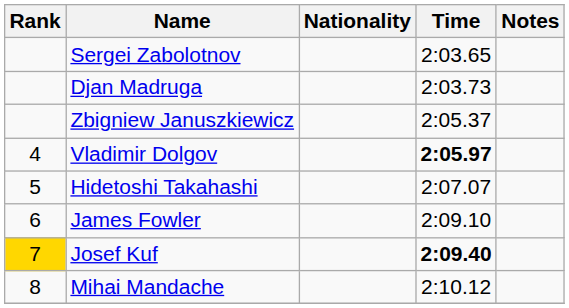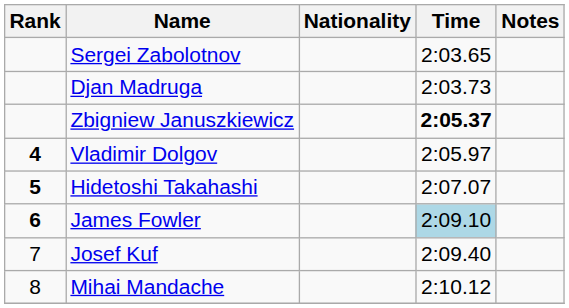 <table class="wikitable sortable" style="text-align:center">
 <tr>
 <th>Rank</th>
 <th>Name</th>
 <th>Nationality</th>
 <th>Time</th>
 <th>Notes</th>
 </tr>
 <tr>
 <td></td>
 <td align="left"><a href='#'>Sergei Zabolotnov</a></td>
 <td align="left"></td>
 <td>2:03.65</td>
 <td></td>
 </tr>
 <tr>
 <td></td>
 <td align="left"><a href='#'>Djan Madruga</a></td>
 <td align="left"></td>
 <td>2:03.73</td>
 <td></td>
 </tr>
 <tr>
 <td></td>
 <td align="left"><a href='#'>Zbigniew Januszkiewicz</a></td>
 <td align="left"></td>
-<td>2:05.37</td>
+<td><strong>2:05.37</strong></td>
 <td></td>
 </tr>
 <tr>
-<td>4</td>
+<td><strong>4</strong></td>
 <td align="left"><a href='#'>Vladimir Dolgov</a></td>
 <td align="left"></td>
-<td><strong>2:05.97</strong></td>
+<td>2:05.97</td>
 <td></td>
 </tr>
 <tr>
-<td>5</td>
+<td><strong>5</strong></td>
 <td align="left"><a href='#'>Hidetoshi Takahashi</a></td>
 <td align="left"></td>
 <td>2:07.07</td>
 <td></td>
 </tr>
 <tr>
-<td>6</td>
+<td><strong>6</strong></td>
 <td align="left"><a href='#'>James Fowler</a></td>
 <td align="left"></td>
-<td>2:09.10</td>
+<td style="background: lightblue;">2:09.10</td>
 <td></td>
 </tr>
 <tr>
-<td style="background: gold;">7</td>
+<td>7</td>
 <td align="left"><a href='#'>Josef Kuf</a></td>
 <td align="left"></td>
-<td><strong>2:09.40</strong></td>
+<td>2:09.40</td>
 <td></td>
 </tr>
 <tr>
 <td>8</td>
 <td align="left"><a href='#'>Mihai Mandache</a></td>
 <td align="left"></td>
 <td>2:10.12</td>
 <td></td>
 </tr>
 <tr>
 </tr>
 </table>
